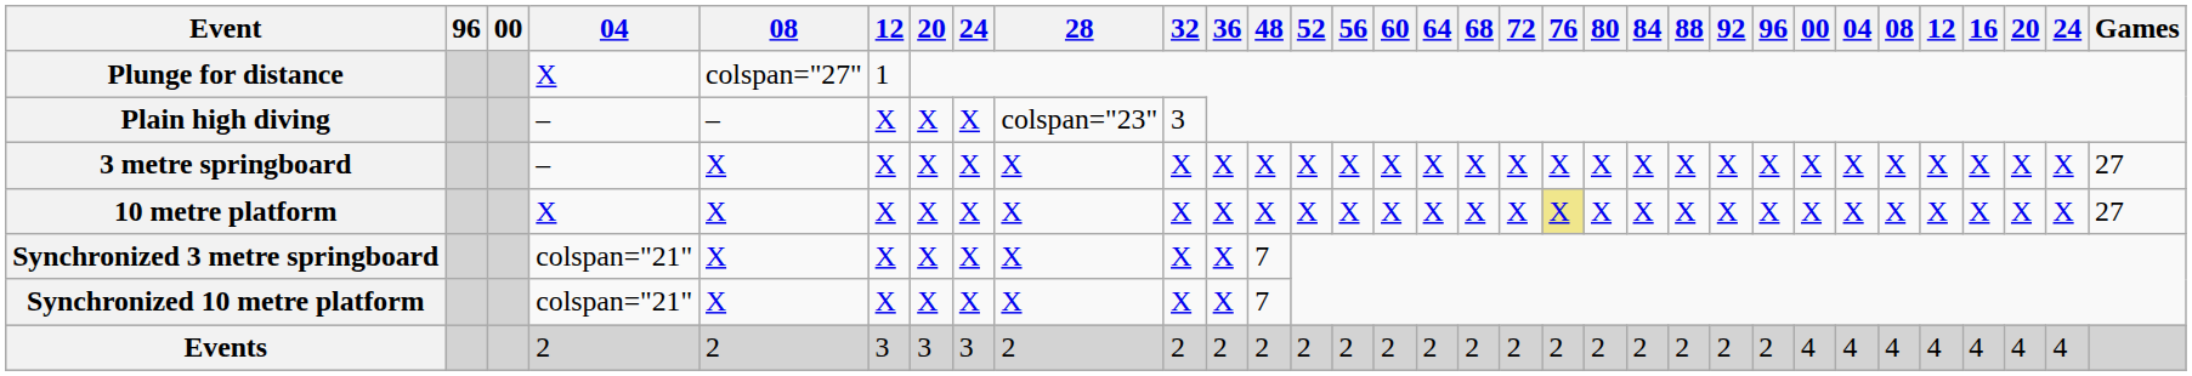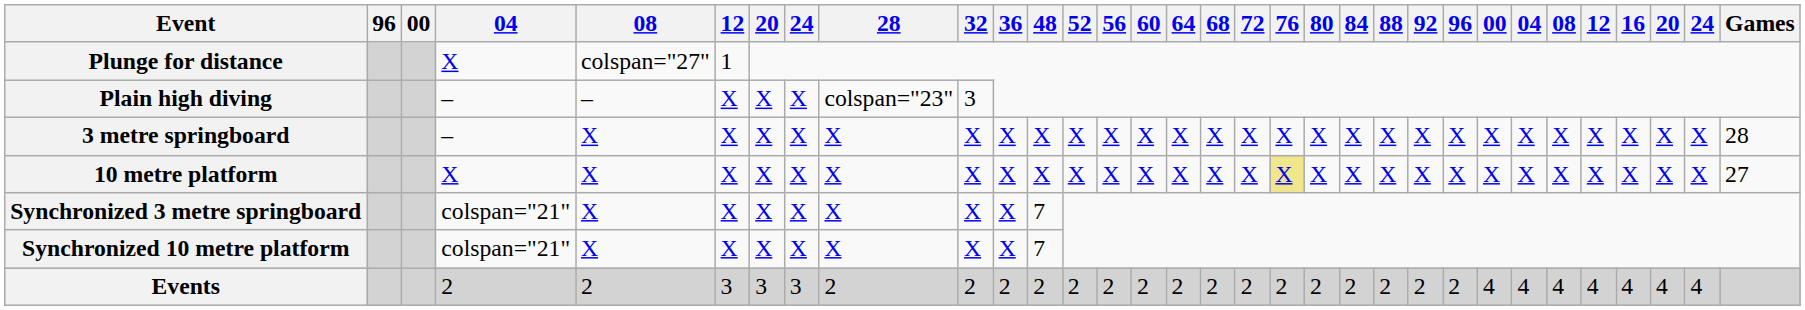 <table class="wikitable plainrowheaders defaultcenter sticky-header">
 <tr>
 <th scope="col">Event</th>
 <th scope="col"><span>96</span></th>
 <th scope="col"><span>00</span></th>
 <th scope="col"><a href='#'>04</a></th>
 <th scope="col"><a href='#'>08</a></th>
 <th scope="col"><a href='#'>12</a></th>
 <th scope="col"><a href='#'>20</a></th>
 <th scope="col"><a href='#'>24</a></th>
 <th scope="col"><a href='#'>28</a></th>
 <th scope="col"><a href='#'>32</a></th>
 <th scope="col"><a href='#'>36</a></th>
 <th scope="col"><a href='#'>48</a></th>
 <th scope="col"><a href='#'>52</a></th>
 <th scope="col"><a href='#'>56</a></th>
 <th scope="col"><a href='#'>60</a></th>
 <th scope="col"><a href='#'>64</a></th>
 <th scope="col"><a href='#'>68</a></th>
 <th scope="col"><a href='#'>72</a></th>
 <th scope="col"><a href='#'>76</a></th>
 <th scope="col"><a href='#'>80</a></th>
 <th scope="col"><a href='#'>84</a></th>
 <th scope="col"><a href='#'>88</a></th>
 <th scope="col"><a href='#'>92</a></th>
 <th scope="col"><a href='#'>96</a></th>
 <th scope="col"><a href='#'>00</a></th>
 <th scope="col"><a href='#'>04</a></th>
 <th scope="col"><a href='#'>08</a></th>
 <th scope="col"><a href='#'>12</a></th>
 <th scope="col"><a href='#'>16</a></th>
 <th scope="col"><a href='#'>20</a></th>
 <th scope="col"><a href='#'>24</a></th>
 <th scope="col">Games</th>
 </tr>
 <tr>
 <th scope="row">Plunge for distance</th>
 <td bgcolor=lightgray></td>
 <td bgcolor=lightgray></td>
 <td><a href='#'>X</a></td>
 <td>colspan="27"</td>
 <td>1</td>
 </tr>
 <tr>
 <th scope="row">Plain high diving</th>
 <td bgcolor=lightgray></td>
 <td bgcolor=lightgray></td>
 <td>–</td>
 <td>–</td>
 <td><a href='#'>X</a></td>
 <td><a href='#'>X</a></td>
 <td><a href='#'>X</a></td>
 <td>colspan="23"</td>
 <td>3</td>
 </tr>
 <tr>
 <th scope="row">3 metre springboard</th>
 <td bgcolor=lightgray></td>
 <td bgcolor=lightgray></td>
 <td>–</td>
 <td><a href='#'>X</a></td>
 <td><a href='#'>X</a></td>
 <td><a href='#'>X</a></td>
 <td><a href='#'>X</a></td>
 <td><a href='#'>X</a></td>
 <td><a href='#'>X</a></td>
 <td><a href='#'>X</a></td>
 <td><a href='#'>X</a></td>
 <td><a href='#'>X</a></td>
 <td><a href='#'>X</a></td>
 <td><a href='#'>X</a></td>
 <td><a href='#'>X</a></td>
 <td><a href='#'>X</a></td>
 <td><a href='#'>X</a></td>
 <td><a href='#'>X</a></td>
 <td><a href='#'>X</a></td>
 <td><a href='#'>X</a></td>
 <td><a href='#'>X</a></td>
 <td><a href='#'>X</a></td>
 <td><a href='#'>X</a></td>
 <td><a href='#'>X</a></td>
 <td><a href='#'>X</a></td>
 <td><a href='#'>X</a></td>
 <td><a href='#'>X</a></td>
 <td><a href='#'>X</a></td>
 <td><a href='#'>X</a></td>
 <td><a href='#'>X</a></td>
-<td>27</td>
+<td>28</td>
 </tr>
 <tr>
 <th scope="row">10 metre platform</th>
 <td bgcolor=lightgray></td>
 <td bgcolor=lightgray></td>
 <td><a href='#'>X</a></td>
 <td><a href='#'>X</a></td>
 <td><a href='#'>X</a></td>
 <td><a href='#'>X</a></td>
 <td><a href='#'>X</a></td>
 <td><a href='#'>X</a></td>
 <td><a href='#'>X</a></td>
 <td><a href='#'>X</a></td>
 <td><a href='#'>X</a></td>
 <td><a href='#'>X</a></td>
 <td><a href='#'>X</a></td>
 <td><a href='#'>X</a></td>
 <td><a href='#'>X</a></td>
 <td><a href='#'>X</a></td>
 <td><a href='#'>X</a></td>
 <td style="background: khaki;"><a href='#'>X</a></td>
 <td><a href='#'>X</a></td>
 <td><a href='#'>X</a></td>
 <td><a href='#'>X</a></td>
 <td><a href='#'>X</a></td>
 <td><a href='#'>X</a></td>
 <td><a href='#'>X</a></td>
 <td><a href='#'>X</a></td>
 <td><a href='#'>X</a></td>
 <td><a href='#'>X</a></td>
 <td><a href='#'>X</a></td>
 <td><a href='#'>X</a></td>
 <td><a href='#'>X</a></td>
 <td>27</td>
 </tr>
 <tr>
 <th scope="row">Synchronized 3 metre springboard</th>
 <td bgcolor=lightgray></td>
 <td bgcolor=lightgray></td>
 <td>colspan="21"</td>
 <td><a href='#'>X</a></td>
 <td><a href='#'>X</a></td>
 <td><a href='#'>X</a></td>
 <td><a href='#'>X</a></td>
 <td><a href='#'>X</a></td>
 <td><a href='#'>X</a></td>
 <td><a href='#'>X</a></td>
 <td>7</td>
 </tr>
 <tr>
 <th scope="row">Synchronized 10 metre platform</th>
 <td bgcolor=lightgray></td>
 <td bgcolor=lightgray></td>
 <td>colspan="21"</td>
 <td><a href='#'>X</a></td>
 <td><a href='#'>X</a></td>
 <td><a href='#'>X</a></td>
 <td><a href='#'>X</a></td>
 <td><a href='#'>X</a></td>
 <td><a href='#'>X</a></td>
 <td><a href='#'>X</a></td>
 <td>7</td>
 </tr>
 <tr bgcolor=lightgray>
 <th scope="row"><strong>Events</strong></th>
 <td bgcolor=lightgray></td>
 <td bgcolor=lightgray></td>
 <td>2</td>
 <td>2</td>
 <td>3</td>
 <td>3</td>
 <td>3</td>
 <td>2</td>
 <td>2</td>
 <td>2</td>
 <td>2</td>
 <td>2</td>
 <td>2</td>
 <td>2</td>
 <td>2</td>
 <td>2</td>
 <td>2</td>
 <td>2</td>
 <td>2</td>
 <td>2</td>
 <td>2</td>
 <td>2</td>
 <td>2</td>
 <td>4</td>
 <td>4</td>
 <td>4</td>
 <td>4</td>
 <td>4</td>
 <td>4</td>
 <td>4</td>
 <td></td>
 </tr>
 </table>
